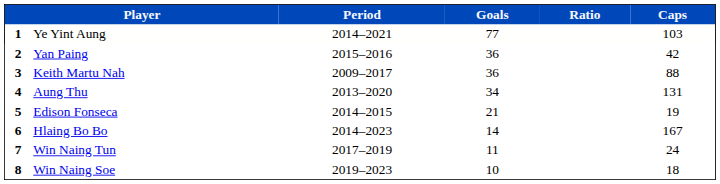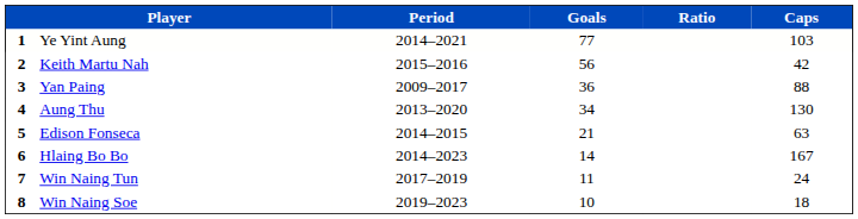 <table cellpadding="2" cellspacing="0"  style="margin: 1em 0; border: 1px solid #000000; border-right-width: 1px; border-bottom-width: 1px; background-color:#FFFFFD; width:64%; font-size: 95%;">
 <tr style="background:white;">
 </tr>
 <tr style="background:#0048BA; color:#F8F8FF;">
 <th colspan=2 align="center">Player</th>
 <th align="center" abbr="Period">Period</th>
 <th align="center">Goals</th>
 <th align="center">Ratio</th>
 <th align="center">Caps</th>
 </tr>
 <tr>
 <th>1</th>
 <td> Ye Yint Aung</td>
 <td align="center">2014–2021</td>
 <td align="center">77</td>
 <td></td>
 <td align="center">103</td>
 </tr>
 <tr style="background:white;"|>
 <th>2</th>
-<td> <a href='#'>Yan Paing</a></td>
+<td> <a href='#'>Keith Martu Nah</a></td>
 <td align="center">2015–2016</td>
-<td align="center">36</td>
+<td align="center">56</td>
 <td></td>
 <td align="center">42</td>
 </tr>
 <tr style="background:white;"|>
 <th>3</th>
-<td> <a href='#'>Keith Martu Nah</a></td>
+<td> <a href='#'>Yan Paing</a></td>
 <td align="center">2009–2017</td>
 <td align="center">36</td>
 <td></td>
 <td align="center">88</td>
 </tr>
 <tr style="background:white;"|>
 <th>4</th>
 <td> <a href='#'>Aung Thu</a></td>
 <td align="center">2013–2020</td>
 <td align="center">34</td>
 <td></td>
-<td align="center">131</td>
+<td align="center">130</td>
 </tr>
 <tr style="background:white;"|>
 <th>5</th>
 <td> <a href='#'>Edison Fonseca</a></td>
 <td align="center">2014–2015</td>
 <td align="center">21</td>
 <td></td>
-<td align="center">19</td>
+<td align="center">63</td>
 </tr>
 <tr style="background:white;"|>
 <th>6</th>
 <td> <a href='#'>Hlaing Bo Bo</a></td>
 <td align="center">2014–2023</td>
 <td align="center">14</td>
 <td></td>
 <td align="center">167</td>
 </tr>
 <tr style="background:white;"|>
 <th>7</th>
 <td> <a href='#'>Win Naing Tun</a></td>
 <td align="center">2017–2019</td>
 <td align="center">11</td>
 <td></td>
 <td align="center">24</td>
 </tr>
 <tr style="background:white;"|>
 <th>8</th>
 <td> <a href='#'>Win Naing Soe</a></td>
 <td align="center">2019–2023</td>
 <td align="center">10</td>
 <td></td>
 <td align="center">18</td>
 </tr>
 <tr style="background:white;"|>
 </tr>
 </table>
